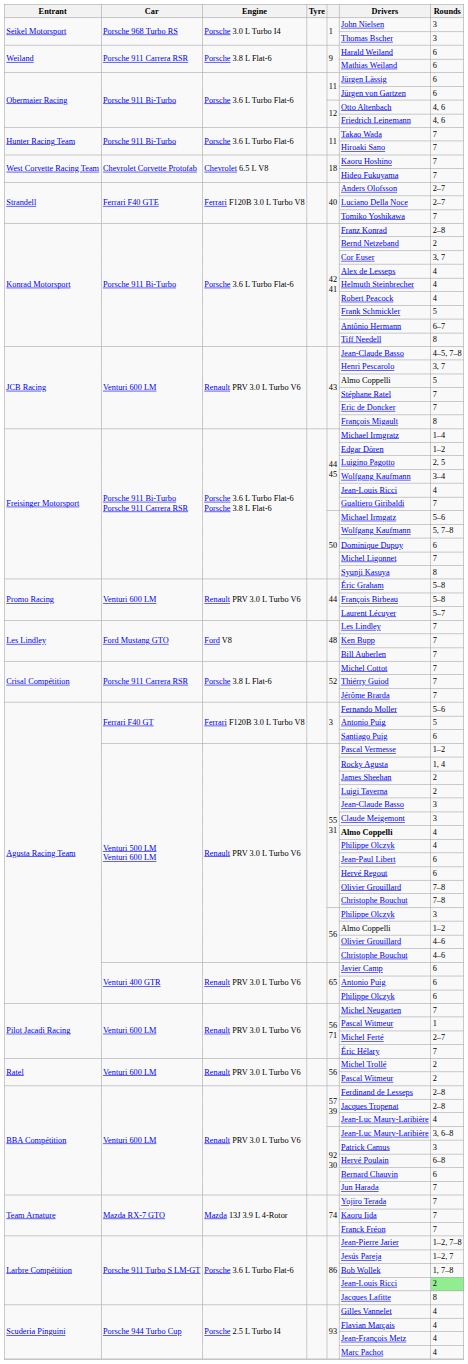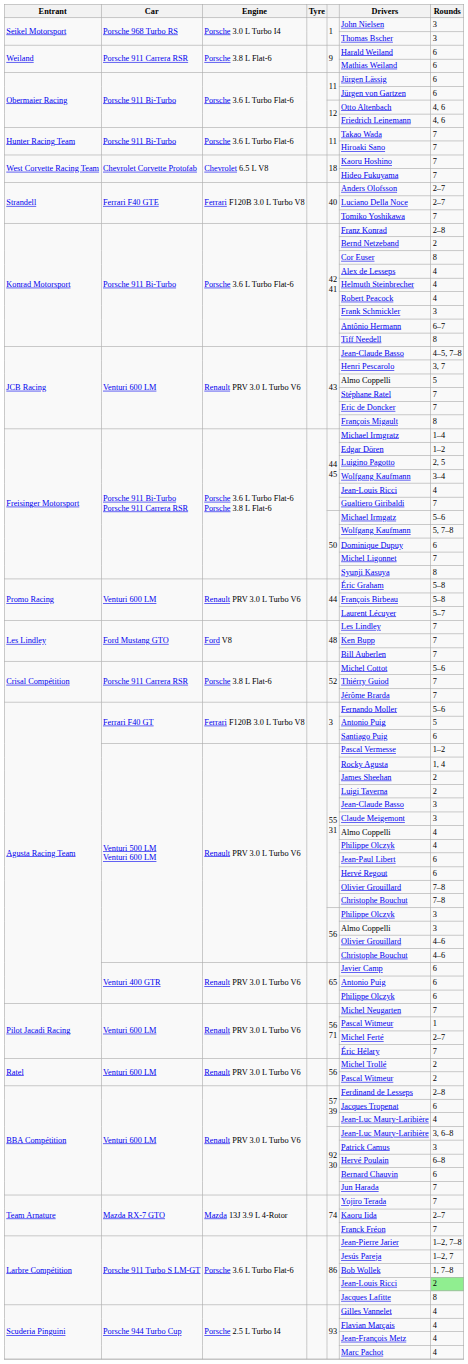 <table class="wikitable" style="font-size: 85%">
 <tr>
 <th>Entrant</th>
 <th>Car</th>
 <th>Engine</th>
 <th>Tyre</th>
 <th></th>
 <th>Drivers</th>
 <th>Rounds</th>
 </tr>
 <tr>
 <td rowspan=2> <a href='#'>Seikel Motorsport</a></td>
 <td rowspan=2><a href='#'>Porsche 968 Turbo RS</a></td>
 <td rowspan=2><a href='#'>Porsche</a> 3.0 L Turbo I4</td>
 <td rowspan=2></td>
 <td rowspan=2>1</td>
 <td> <a href='#'>John Nielsen</a></td>
 <td>3</td>
 </tr>
 <tr>
 <td> <a href='#'>Thomas Bscher</a></td>
 <td>3</td>
 </tr>
 <tr>
 <td rowspan=2> <a href='#'>Weiland</a></td>
 <td rowspan=2><a href='#'>Porsche 911 Carrera RSR</a></td>
 <td rowspan=2><a href='#'>Porsche</a> 3.8 L Flat-6</td>
 <td rowspan=2></td>
 <td rowspan=2>9</td>
 <td> <a href='#'>Harald Weiland</a></td>
 <td>6</td>
 </tr>
 <tr>
 <td> <a href='#'>Mathias Weiland</a></td>
 <td>6</td>
 </tr>
 <tr>
 <td rowspan=4> <a href='#'>Obermaier Racing</a></td>
 <td rowspan=4><a href='#'>Porsche 911 Bi-Turbo</a></td>
 <td rowspan=4><a href='#'>Porsche</a> 3.6 L Turbo Flat-6</td>
 <td rowspan=4></td>
 <td rowspan=2>11</td>
 <td> <a href='#'>Jürgen Lässig</a></td>
 <td>6</td>
 </tr>
 <tr>
 <td> <a href='#'>Jürgen von Gartzen</a></td>
 <td>6</td>
 </tr>
 <tr>
 <td rowspan=2>12</td>
 <td> <a href='#'>Otto Altenbach</a></td>
 <td>4, 6</td>
 </tr>
 <tr>
 <td> <a href='#'>Friedrich Leinemann</a></td>
 <td>4, 6</td>
 </tr>
 <tr>
 <td rowspan=2> <a href='#'>Hunter Racing Team</a></td>
 <td rowspan=2><a href='#'>Porsche 911 Bi-Turbo</a></td>
 <td rowspan=2><a href='#'>Porsche</a> 3.6 L Turbo Flat-6</td>
 <td rowspan=2></td>
 <td rowspan=2>11</td>
 <td> <a href='#'>Takao Wada</a></td>
 <td>7</td>
 </tr>
 <tr>
 <td> <a href='#'>Hiroaki Sano</a></td>
 <td>7</td>
 </tr>
 <tr>
 <td rowspan=2> <a href='#'>West Corvette Racing Team</a></td>
 <td rowspan=2><a href='#'>Chevrolet Corvette Protofab</a></td>
 <td rowspan=2><a href='#'>Chevrolet</a> 6.5 L V8</td>
 <td rowspan=2></td>
 <td rowspan=2>18</td>
 <td> <a href='#'>Kaoru Hoshino</a></td>
 <td>7</td>
 </tr>
 <tr>
 <td> <a href='#'>Hideo Fukuyama</a></td>
 <td>7</td>
 </tr>
 <tr>
 <td rowspan=3> <a href='#'>Strandell</a></td>
 <td rowspan=3><a href='#'>Ferrari F40 GTE</a></td>
 <td rowspan=3><a href='#'>Ferrari</a> F120B 3.0 L Turbo V8</td>
 <td rowspan=3></td>
 <td rowspan=3>40</td>
 <td> <a href='#'>Anders Olofsson</a></td>
 <td>2–7</td>
 </tr>
 <tr>
 <td> <a href='#'>Luciano Della Noce</a></td>
 <td>2–7</td>
 </tr>
 <tr>
 <td> <a href='#'>Tomiko Yoshikawa</a></td>
 <td>7</td>
 </tr>
 <tr>
 <td rowspan=9> <a href='#'>Konrad Motorsport</a></td>
 <td rowspan=9><a href='#'>Porsche 911 Bi-Turbo</a></td>
 <td rowspan=9><a href='#'>Porsche</a> 3.6 L Turbo Flat-6</td>
 <td rowspan=9></td>
 <td rowspan=9>42<br>41</td>
 <td> <a href='#'>Franz Konrad</a></td>
 <td>2–8</td>
 </tr>
 <tr>
 <td> <a href='#'>Bernd Netzeband</a></td>
 <td>2</td>
 </tr>
 <tr>
 <td> <a href='#'>Cor Euser</a></td>
-<td>3, 7</td>
+<td>8</td>
 </tr>
 <tr>
 <td> <a href='#'>Alex de Lesseps</a></td>
 <td>4</td>
 </tr>
 <tr>
 <td> <a href='#'>Helmuth Steinbrecher</a></td>
 <td>4</td>
 </tr>
 <tr>
 <td> <a href='#'>Robert Peacock</a></td>
 <td>4</td>
 </tr>
 <tr>
 <td> <a href='#'>Frank Schmickler</a></td>
-<td>5</td>
+<td>3</td>
 </tr>
 <tr>
 <td> <a href='#'>Antônio Hermann</a></td>
 <td>6–7</td>
 </tr>
 <tr>
 <td> <a href='#'>Tiff Needell</a></td>
 <td>8</td>
 </tr>
 <tr>
 <td rowspan=6> <a href='#'>JCB Racing</a></td>
 <td rowspan=6><a href='#'>Venturi 600 LM</a></td>
 <td rowspan=6><a href='#'>Renault</a> PRV 3.0 L Turbo V6</td>
 <td rowspan=6></td>
 <td rowspan=6>43</td>
 <td> <a href='#'>Jean-Claude Basso</a></td>
 <td>4–5, 7–8</td>
 </tr>
 <tr>
 <td> <a href='#'>Henri Pescarolo</a></td>
 <td>3, 7</td>
 </tr>
 <tr>
 <td> Almo Coppelli</td>
 <td>5</td>
 </tr>
 <tr>
 <td> <a href='#'>Stéphane Ratel</a></td>
 <td>7</td>
 </tr>
 <tr>
 <td> <a href='#'>Eric de Doncker</a></td>
 <td>7</td>
 </tr>
 <tr>
 <td> <a href='#'>François Migault</a></td>
 <td>8</td>
 </tr>
 <tr>
 <td rowspan=11> <a href='#'>Freisinger Motorsport</a></td>
 <td rowspan=11><a href='#'>Porsche 911 Bi-Turbo</a><br><a href='#'>Porsche 911 Carrera RSR</a></td>
 <td rowspan=11><a href='#'>Porsche</a> 3.6 L Turbo Flat-6<br><a href='#'>Porsche</a> 3.8 L Flat-6</td>
 <td rowspan=11></td>
 <td rowspan=6>44<br>45</td>
 <td> <a href='#'>Michael Irmgratz</a></td>
 <td>1–4</td>
 </tr>
 <tr>
 <td> <a href='#'>Edgar Dören</a></td>
 <td>1–2</td>
 </tr>
 <tr>
 <td> <a href='#'>Luigino Pagotto</a></td>
 <td>2, 5</td>
 </tr>
 <tr>
 <td> <a href='#'>Wolfgang Kaufmann</a></td>
 <td>3–4</td>
 </tr>
 <tr>
 <td> <a href='#'>Jean-Louis Ricci</a></td>
 <td>4</td>
 </tr>
 <tr>
 <td> <a href='#'>Gualtiero Giribaldi</a></td>
 <td>7</td>
 </tr>
 <tr>
 <td rowspan=5>50</td>
 <td> <a href='#'>Michael Irmgatz</a></td>
 <td>5–6</td>
 </tr>
 <tr>
 <td> <a href='#'>Wolfgang Kaufmann</a></td>
 <td>5, 7–8</td>
 </tr>
 <tr>
 <td> <a href='#'>Dominique Dupuy</a></td>
 <td>6</td>
 </tr>
 <tr>
 <td> <a href='#'>Michel Ligonnet</a></td>
 <td>7</td>
 </tr>
 <tr>
 <td> <a href='#'>Syunji Kasuya</a></td>
 <td>8</td>
 </tr>
 <tr>
 <td rowspan=3> <a href='#'>Promo Racing</a></td>
 <td rowspan=3><a href='#'>Venturi 600 LM</a></td>
 <td rowspan=3><a href='#'>Renault</a> PRV 3.0 L Turbo V6</td>
 <td rowspan=3></td>
 <td rowspan=3>44</td>
 <td> <a href='#'>Éric Graham</a></td>
 <td>5–8</td>
 </tr>
 <tr>
 <td> <a href='#'>François Birbeau</a></td>
 <td>5–8</td>
 </tr>
 <tr>
 <td> <a href='#'>Laurent Lécuyer</a></td>
 <td>5–7</td>
 </tr>
 <tr>
 <td rowspan=3> <a href='#'>Les Lindley</a></td>
 <td rowspan=3><a href='#'>Ford Mustang GTO</a></td>
 <td rowspan=3><a href='#'>Ford</a> V8</td>
 <td rowspan=3></td>
 <td rowspan=3>48</td>
 <td> <a href='#'>Les Lindley</a></td>
 <td>7</td>
 </tr>
 <tr>
 <td> <a href='#'>Ken Bupp</a></td>
 <td>7</td>
 </tr>
 <tr>
 <td> <a href='#'>Bill Auberlen</a></td>
 <td>7</td>
 </tr>
 <tr>
 <td rowspan=3> <a href='#'>Crisal Compétition</a></td>
 <td rowspan=3><a href='#'>Porsche 911 Carrera RSR</a></td>
 <td rowspan=3><a href='#'>Porsche</a> 3.8 L Flat-6</td>
 <td rowspan=3></td>
 <td rowspan=3>52</td>
 <td> <a href='#'>Michel Cottot</a></td>
-<td>7</td>
+<td>5–6</td>
 </tr>
 <tr>
 <td> <a href='#'>Thiérry Guiod</a></td>
 <td>7</td>
 </tr>
 <tr>
 <td> <a href='#'>Jérôme Brarda</a></td>
 <td>7</td>
 </tr>
 <tr>
 <td rowspan=22> <a href='#'>Agusta Racing Team</a></td>
 <td rowspan=3><a href='#'>Ferrari F40 GT</a></td>
 <td rowspan=3><a href='#'>Ferrari</a> F120B 3.0 L Turbo V8</td>
 <td rowspan=3></td>
 <td rowspan=3>3</td>
 <td> <a href='#'>Fernando Moller</a></td>
 <td>5–6</td>
 </tr>
 <tr>
 <td> <a href='#'>Antonio Puig</a></td>
 <td>5</td>
 </tr>
 <tr>
 <td> <a href='#'>Santiago Puig</a></td>
 <td>6</td>
 </tr>
 <tr>
 <td rowspan=16><a href='#'>Venturi 500 LM</a><br><a href='#'>Venturi 600 LM</a></td>
 <td rowspan=16><a href='#'>Renault</a> PRV 3.0 L Turbo V6</td>
 <td rowspan=16></td>
 <td rowspan=12>55<br>31</td>
 <td> <a href='#'>Pascal Vermesse</a></td>
 <td>1–2</td>
 </tr>
 <tr>
 <td> <a href='#'>Rocky Agusta</a></td>
 <td>1, 4</td>
 </tr>
 <tr>
 <td> <a href='#'>James Sheehan</a></td>
 <td>2</td>
 </tr>
 <tr>
 <td> <a href='#'>Luigi Taverna</a></td>
 <td>2</td>
 </tr>
 <tr>
 <td> <a href='#'>Jean-Claude Basso</a></td>
 <td>3</td>
 </tr>
 <tr>
 <td> <a href='#'>Claude Meigemont</a></td>
 <td>3</td>
 </tr>
 <tr>
-<td><strong> Almo Coppelli</strong></td>
+<td> Almo Coppelli</td>
 <td>4</td>
 </tr>
 <tr>
 <td> <a href='#'>Philippe Olczyk</a></td>
 <td>4</td>
 </tr>
 <tr>
 <td> <a href='#'>Jean-Paul Libert</a></td>
 <td>6</td>
 </tr>
 <tr>
 <td> <a href='#'>Hervé Regout</a></td>
 <td>6</td>
 </tr>
 <tr>
 <td> <a href='#'>Olivier Grouillard</a></td>
 <td>7–8</td>
 </tr>
 <tr>
 <td> <a href='#'>Christophe Bouchut</a></td>
 <td>7–8</td>
 </tr>
 <tr>
 <td rowspan=4>56</td>
 <td> <a href='#'>Philippe Olczyk</a></td>
 <td>3</td>
 </tr>
 <tr>
 <td> Almo Coppelli</td>
-<td>1–2</td>
+<td>3</td>
 </tr>
 <tr>
 <td> <a href='#'>Olivier Grouillard</a></td>
 <td>4–6</td>
 </tr>
 <tr>
 <td> <a href='#'>Christophe Bouchut</a></td>
 <td>4–6</td>
 </tr>
 <tr>
 <td rowspan=3><a href='#'>Venturi 400 GTR</a></td>
 <td rowspan=3><a href='#'>Renault</a> PRV 3.0 L Turbo V6</td>
 <td rowspan=3></td>
 <td rowspan=3>65</td>
 <td> <a href='#'>Javier Camp</a></td>
 <td>6</td>
 </tr>
 <tr>
 <td> <a href='#'>Antonio Puig</a></td>
 <td>6</td>
 </tr>
 <tr>
 <td> <a href='#'>Philippe Olczyk</a></td>
 <td>6</td>
 </tr>
 <tr>
 <td rowspan=4> <a href='#'>Pilot Jacadi Racing</a></td>
 <td rowspan=4><a href='#'>Venturi 600 LM</a></td>
 <td rowspan=4><a href='#'>Renault</a> PRV 3.0 L Turbo V6</td>
 <td rowspan=4><br></td>
 <td rowspan=4>56<br>71</td>
 <td> <a href='#'>Michel Neugarten</a></td>
 <td>7</td>
 </tr>
 <tr>
 <td> <a href='#'>Pascal Witmeur</a></td>
 <td>1</td>
 </tr>
 <tr>
 <td> <a href='#'>Michel Ferté</a></td>
 <td>2–7</td>
 </tr>
 <tr>
 <td> <a href='#'>Éric Hélary</a></td>
 <td>7</td>
 </tr>
 <tr>
 <td rowspan=2> <a href='#'>Ratel</a></td>
 <td rowspan=2><a href='#'>Venturi 600 LM</a></td>
 <td rowspan=2><a href='#'>Renault</a> PRV 3.0 L Turbo V6</td>
 <td rowspan=2></td>
 <td rowspan=2>56</td>
 <td> <a href='#'>Michel Trollé</a></td>
 <td>2</td>
 </tr>
 <tr>
 <td> <a href='#'>Pascal Witmeur</a></td>
 <td>2</td>
 </tr>
 <tr>
 <td rowspan=8> <a href='#'>BBA Compétition</a></td>
 <td rowspan=8><a href='#'>Venturi 600 LM</a></td>
 <td rowspan=8><a href='#'>Renault</a> PRV 3.0 L Turbo V6</td>
 <td rowspan=8></td>
 <td rowspan=3>57<br>39</td>
 <td> <a href='#'>Ferdinand de Lesseps</a></td>
 <td>2–8</td>
 </tr>
 <tr>
 <td> <a href='#'>Jacques Tropenat</a></td>
-<td>2–8</td>
+<td>6</td>
 </tr>
 <tr>
 <td> <a href='#'>Jean-Luc Maury-Laribière</a></td>
 <td>4</td>
 </tr>
 <tr>
 <td rowspan=5>92<br>30</td>
 <td> <a href='#'>Jean-Luc Maury-Laribière</a></td>
 <td>3, 6–8</td>
 </tr>
 <tr>
 <td> <a href='#'>Patrick Camus</a></td>
 <td>3</td>
 </tr>
 <tr>
 <td> <a href='#'>Hervé Poulain</a></td>
 <td>6–8</td>
 </tr>
 <tr>
 <td> <a href='#'>Bernard Chauvin</a></td>
 <td>6</td>
 </tr>
 <tr>
 <td> <a href='#'>Jun Harada</a></td>
 <td>7</td>
 </tr>
 <tr>
 <td rowspan=3> <a href='#'>Team Arnature</a></td>
 <td rowspan=3><a href='#'>Mazda RX-7 GTO</a></td>
 <td rowspan=3><a href='#'>Mazda</a> 13J 3.9 L 4-Rotor</td>
 <td rowspan=3></td>
 <td rowspan=3>74</td>
 <td> <a href='#'>Yojiro Terada</a></td>
 <td>7</td>
 </tr>
 <tr>
 <td> <a href='#'>Kaoru Iida</a></td>
-<td>7</td>
+<td>2–7</td>
 </tr>
 <tr>
 <td> <a href='#'>Franck Fréon</a></td>
 <td>7</td>
 </tr>
 <tr>
 <td rowspan=5> <a href='#'>Larbre Compétition</a></td>
 <td rowspan=5><a href='#'>Porsche 911 Turbo S LM-GT</a></td>
 <td rowspan=5><a href='#'>Porsche</a> 3.6 L Turbo Flat-6</td>
 <td rowspan=5><br></td>
 <td rowspan=5>86</td>
 <td> <a href='#'>Jean-Pierre Jarier</a></td>
 <td>1–2, 7–8</td>
 </tr>
 <tr>
 <td> <a href='#'>Jesús Pareja</a></td>
 <td>1–2, 7</td>
 </tr>
 <tr>
 <td> <a href='#'>Bob Wollek</a></td>
 <td>1, 7–8</td>
 </tr>
 <tr>
 <td> <a href='#'>Jean-Louis Ricci</a></td>
 <td style="background: lightgreen;">2</td>
 </tr>
 <tr>
 <td> <a href='#'>Jacques Lafitte</a></td>
 <td>8</td>
 </tr>
 <tr>
 <td rowspan=4> <a href='#'>Scuderia Pinguini</a></td>
 <td rowspan=4><a href='#'>Porsche 944 Turbo Cup</a></td>
 <td rowspan=4><a href='#'>Porsche</a> 2.5 L Turbo I4</td>
 <td rowspan=4></td>
 <td rowspan=4>93</td>
 <td> <a href='#'>Gilles Vannelet</a></td>
 <td>4</td>
 </tr>
 <tr>
 <td> <a href='#'>Flavian Marçais</a></td>
 <td>4</td>
 </tr>
 <tr>
 <td> <a href='#'>Jean-François Metz</a></td>
 <td>4</td>
 </tr>
 <tr>
 <td> <a href='#'>Marc Pachot</a></td>
 <td>4</td>
 </tr>
 <tr>
 </tr>
 </table>
